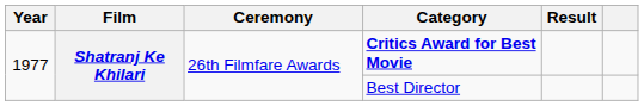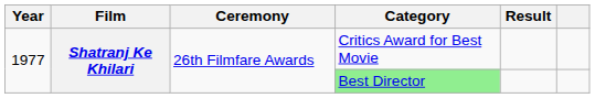 <table class="wikitable plainrowheaders sortable" style="width:100%">
 <tr>
 <th scope="col" style="width:7%">Year</th>
 <th scope="col" style="width:18%">Film</th>
 <th scope="col" style="width:25%">Ceremony</th>
 <th scope="col" style="width:25%">Category</th>
 <th scope="col" style="width:5%">Result</th>
 <th scope="col" style="width:5%" class="unsortable"></th>
 </tr>
 <tr>
 <td style="text-align:center;" rowspan="2">1977</td>
 <th scope="row" rowspan="2"><em><a href='#'>Shatranj Ke Khilari</a></em></th>
 <td rowspan="2"><a href='#'>26th Filmfare Awards</a></td>
-<td><strong><a href='#'>Critics Award for Best Movie</a></strong></td>
+<td><a href='#'>Critics Award for Best Movie</a></td>
 <td></td>
 <td style="text-align:center;"></td>
 </tr>
 <tr>
-<td><a href='#'>Best Director</a></td>
+<td style="background: lightgreen;"><a href='#'>Best Director</a></td>
 <td></td>
 <td style="text-align:center;"></td>
 </tr>
 </table>
